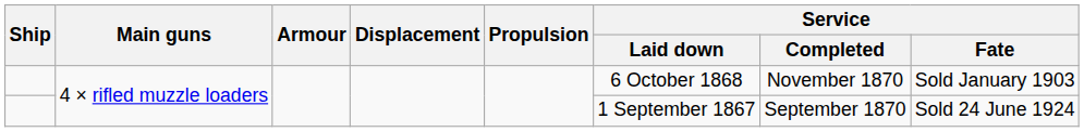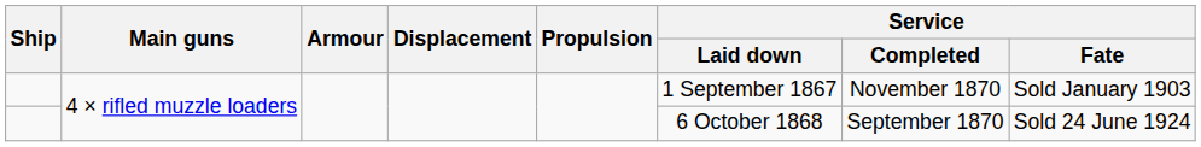 <table class="wikitable">
 <tr valign="center">
 <th align= center rowspan=2>Ship</th>
 <th align= center rowspan=2>Main guns</th>
 <th align= center rowspan=2>Armour</th>
 <th align= center rowspan=2>Displacement</th>
 <th align= center rowspan=2>Propulsion</th>
 <th align= center colspan=3>Service</th>
 </tr>
 <tr valign="top">
 <th align= center>Laid down</th>
 <th align= center>Completed</th>
 <th align= center>Fate</th>
 </tr>
 <tr valign="center">
 <td align= left></td>
 <td align= center rowspan=2>4 × <a href='#'></a> <a href='#'>rifled muzzle loaders</a></td>
 <td align= center rowspan=2></td>
 <td align= center rowspan=2></td>
 <td align= center rowspan=2> </td>
-<td align= center>6 October 1868</td>
+<td align= center>1 September 1867</td>
 <td align= center>November 1870</td>
 <td align= center>Sold January 1903</td>
 </tr>
 <tr valign="center">
 <td align= left></td>
-<td align= center>1 September 1867</td>
+<td align= center>6 October 1868</td>
 <td align= center>September 1870</td>
 <td align= center>Sold 24 June 1924</td>
 </tr>
 </table>
